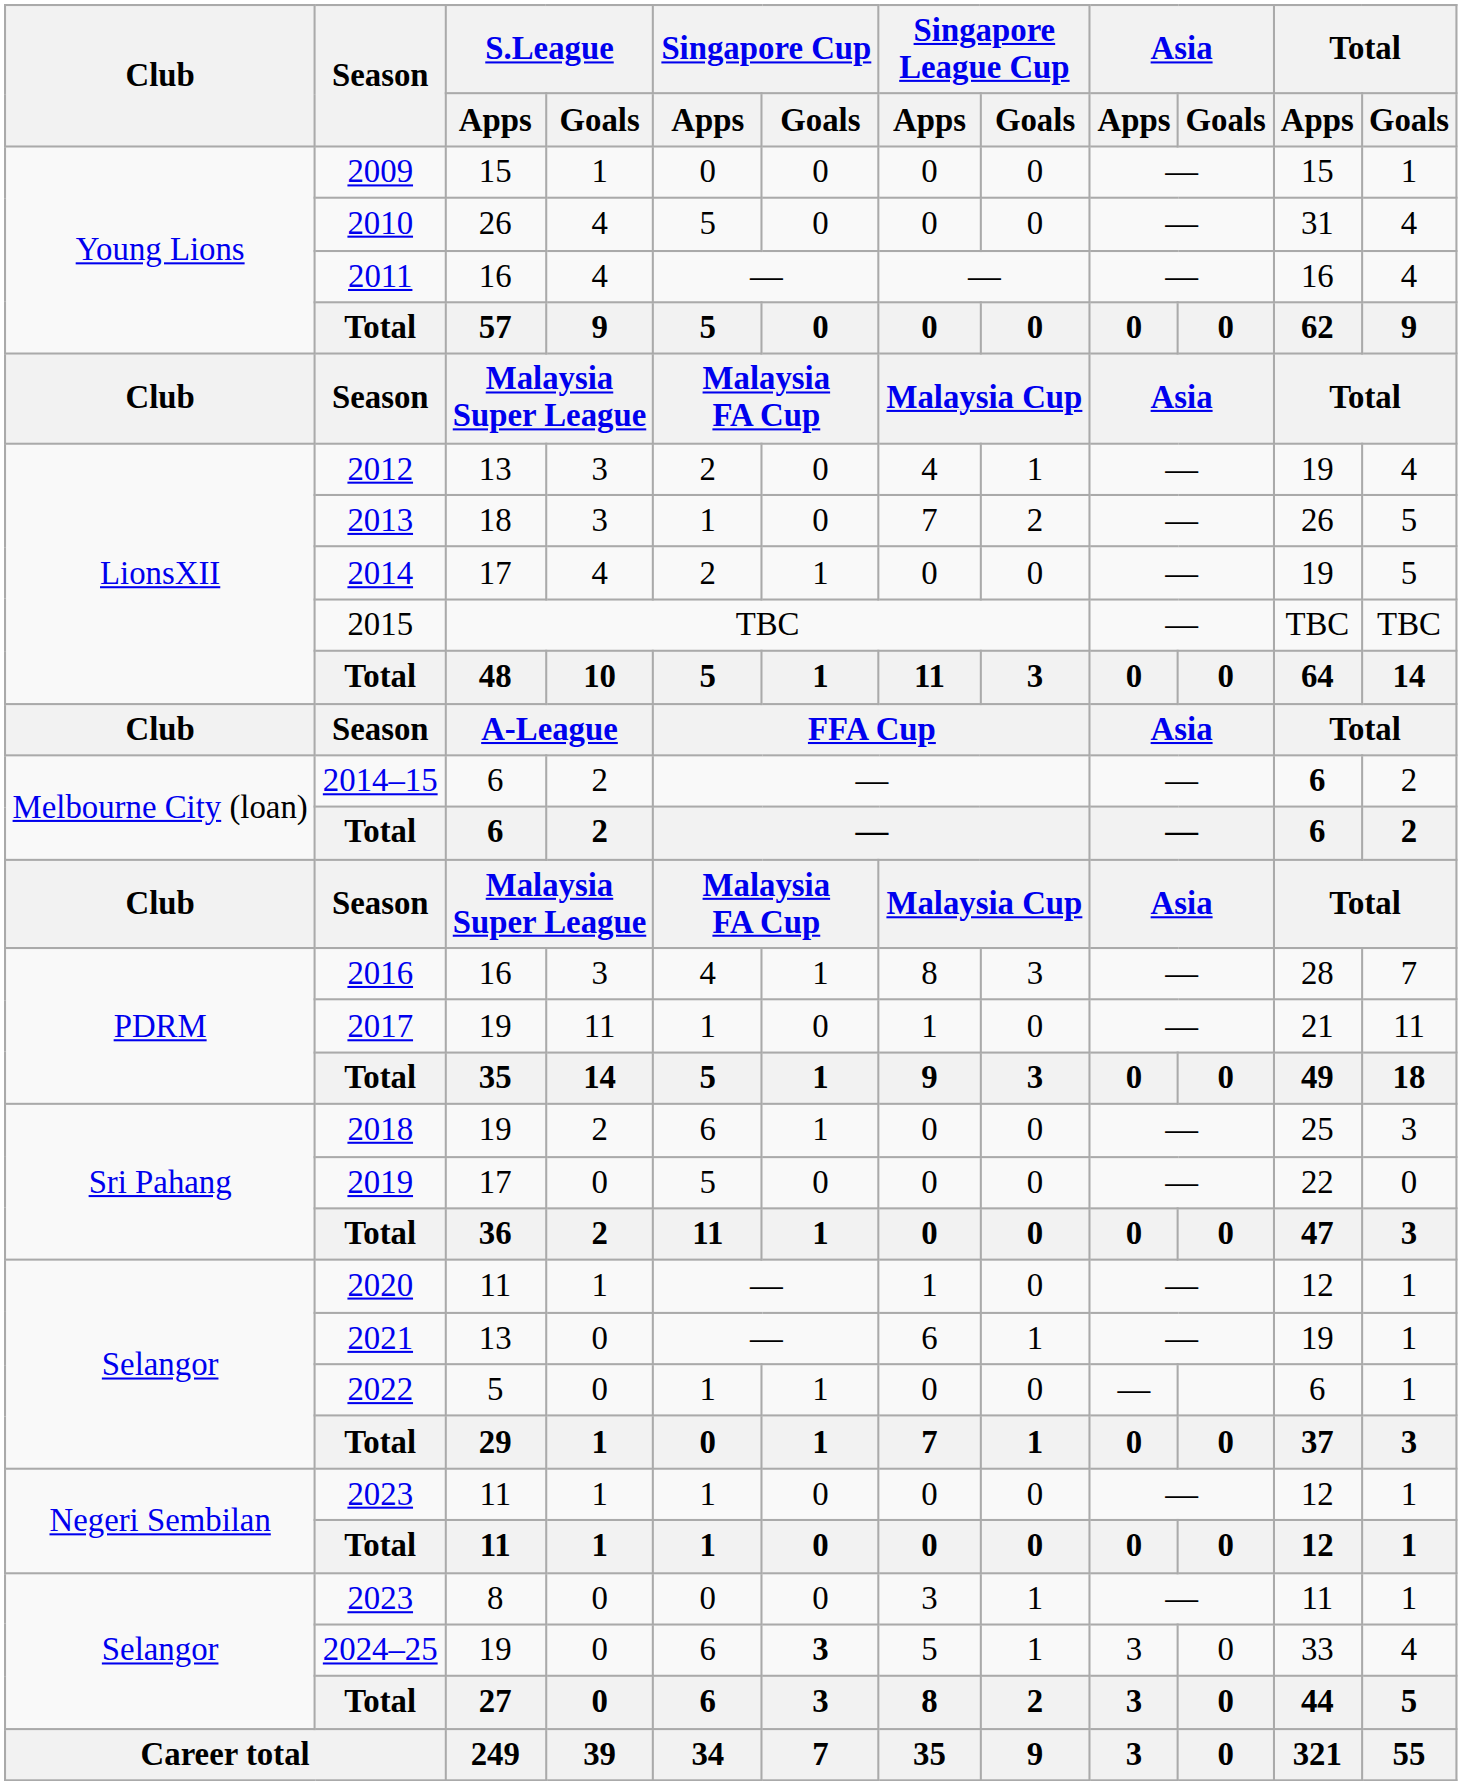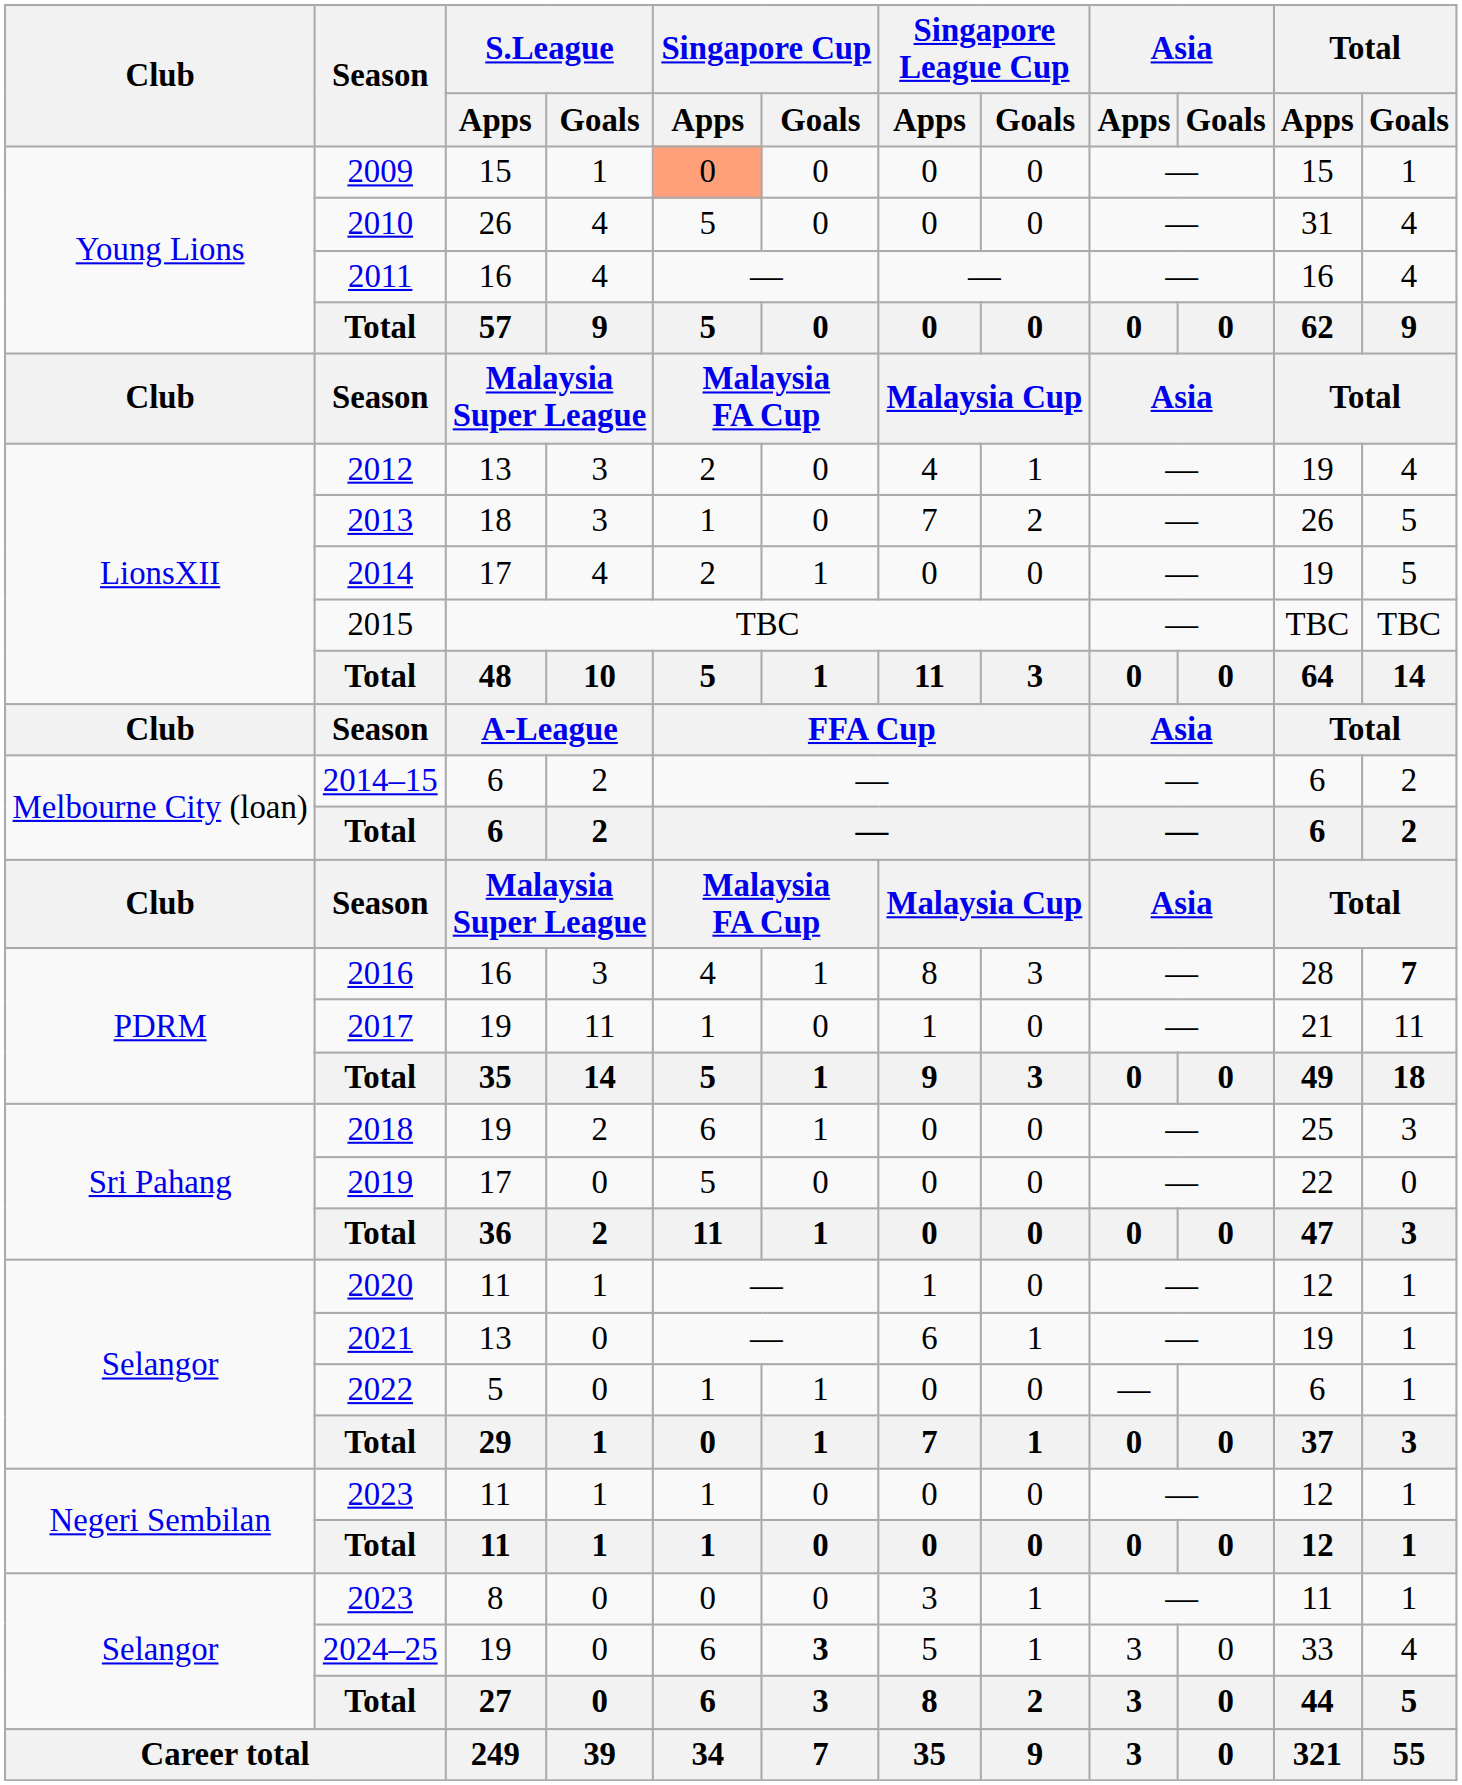 <table class="wikitable" style="text-align:center">
 <tr>
 <th rowspan="2">Club</th>
 <th rowspan="2">Season</th>
 <th colspan="2"><a href='#'>S.League</a></th>
 <th colspan="2"><a href='#'>Singapore Cup</a></th>
 <th colspan="2"><a href='#'>Singapore<br>League Cup</a></th>
 <th colspan="2"><a href='#'>Asia</a></th>
 <th colspan="2">Total</th>
 </tr>
 <tr>
 <th>Apps</th>
 <th>Goals</th>
 <th>Apps</th>
 <th>Goals</th>
 <th>Apps</th>
 <th>Goals</th>
 <th>Apps</th>
 <th>Goals</th>
 <th>Apps</th>
 <th>Goals</th>
 </tr>
 <tr>
 <td rowspan="4"><a href='#'>Young Lions</a></td>
 <td><a href='#'>2009</a></td>
 <td>15</td>
 <td>1</td>
-<td>0</td>
+<td style="background: lightsalmon;">0</td>
 <td>0</td>
 <td>0</td>
 <td>0</td>
 <td colspan='2'>—</td>
 <td>15</td>
 <td>1</td>
 </tr>
 <tr>
 <td><a href='#'>2010</a></td>
 <td>26</td>
 <td>4</td>
 <td>5</td>
 <td>0</td>
 <td>0</td>
 <td>0</td>
 <td colspan='2'>—</td>
 <td>31</td>
 <td>4</td>
 </tr>
 <tr>
 <td><a href='#'>2011</a></td>
 <td>16</td>
 <td>4</td>
 <td colspan='2'>—</td>
 <td colspan='2'>—</td>
 <td colspan='2'>—</td>
 <td>16</td>
 <td>4</td>
 </tr>
 <tr>
 <th>Total</th>
 <th>57</th>
 <th>9</th>
 <th>5</th>
 <th>0</th>
 <th>0</th>
 <th>0</th>
 <th>0</th>
 <th>0</th>
 <th>62</th>
 <th>9</th>
 </tr>
 <tr>
 <th>Club</th>
 <th>Season</th>
 <th colspan="2"><a href='#'>Malaysia<br>Super League</a></th>
 <th colspan="2"><a href='#'>Malaysia<br>FA Cup</a></th>
 <th colspan="2"><a href='#'>Malaysia Cup</a></th>
 <th colspan="2"><a href='#'>Asia</a></th>
 <th colspan="2">Total</th>
 </tr>
 <tr>
 <td rowspan="5"><a href='#'>LionsXII</a></td>
 <td><a href='#'>2012</a></td>
 <td>13</td>
 <td>3</td>
 <td>2</td>
 <td>0</td>
 <td>4</td>
 <td>1</td>
 <td colspan='2'>—</td>
 <td>19</td>
 <td>4</td>
 </tr>
 <tr>
 <td><a href='#'>2013</a></td>
 <td>18</td>
 <td>3</td>
 <td>1</td>
 <td>0</td>
 <td>7</td>
 <td>2</td>
 <td colspan='2'>—</td>
 <td>26</td>
 <td>5</td>
 </tr>
 <tr>
 <td><a href='#'>2014</a></td>
 <td>17</td>
 <td>4</td>
 <td>2</td>
 <td>1</td>
 <td>0</td>
 <td>0</td>
 <td colspan='2'>—</td>
 <td>19</td>
 <td>5</td>
 </tr>
 <tr>
 <td>2015</td>
 <td colspan="6">TBC</td>
 <td colspan="2">—</td>
 <td>TBC</td>
 <td>TBC</td>
 </tr>
 <tr>
 <th>Total</th>
 <th>48</th>
 <th>10</th>
 <th>5</th>
 <th>1</th>
 <th>11</th>
 <th>3</th>
 <th>0</th>
 <th>0</th>
 <th>64</th>
 <th>14</th>
 </tr>
 <tr>
 <th>Club</th>
 <th>Season</th>
 <th colspan="2"><a href='#'>A-League</a></th>
 <th colspan="4"><a href='#'>FFA Cup</a></th>
 <th colspan="2"><a href='#'>Asia</a></th>
 <th colspan="2">Total</th>
 </tr>
 <tr>
 <td rowspan="2"><a href='#'>Melbourne City</a> (loan)</td>
 <td><a href='#'>2014–15</a></td>
 <td>6</td>
 <td>2</td>
 <td colspan="4">—</td>
 <td colspan='2'>—</td>
-<td><strong>6</strong></td>
+<td>6</td>
 <td>2</td>
 </tr>
 <tr>
 <th>Total</th>
 <th>6</th>
 <th>2</th>
 <th colspan="4">—</th>
 <th colspan="2">—</th>
 <th>6</th>
 <th>2</th>
 </tr>
 <tr>
 <th>Club</th>
 <th>Season</th>
 <th colspan="2"><a href='#'>Malaysia<br>Super League</a></th>
 <th colspan="2"><a href='#'>Malaysia<br>FA Cup</a></th>
 <th colspan="2"><a href='#'>Malaysia Cup</a></th>
 <th colspan="2"><a href='#'>Asia</a></th>
 <th colspan="2">Total</th>
 </tr>
 <tr>
 <td rowspan="3"><a href='#'>PDRM</a></td>
 <td><a href='#'>2016</a></td>
 <td>16</td>
 <td>3</td>
 <td>4</td>
 <td>1</td>
 <td>8</td>
 <td>3</td>
 <td colspan="2">—</td>
 <td>28</td>
-<td>7</td>
+<td><strong>7</strong></td>
 </tr>
 <tr>
 <td><a href='#'>2017</a></td>
 <td>19</td>
 <td>11</td>
 <td>1</td>
 <td>0</td>
 <td>1</td>
 <td>0</td>
 <td colspan="2">—</td>
 <td>21</td>
 <td>11</td>
 </tr>
 <tr>
 <th>Total</th>
 <th>35</th>
 <th>14</th>
 <th>5</th>
 <th>1</th>
 <th>9</th>
 <th>3</th>
 <th>0</th>
 <th>0</th>
 <th>49</th>
 <th>18</th>
 </tr>
 <tr>
 <td rowspan="3"><a href='#'>Sri Pahang</a></td>
 <td><a href='#'>2018</a></td>
 <td>19</td>
 <td>2</td>
 <td>6</td>
 <td>1</td>
 <td>0</td>
 <td>0</td>
 <td colspan="2">—</td>
 <td>25</td>
 <td>3</td>
 </tr>
 <tr>
 <td><a href='#'>2019</a></td>
 <td>17</td>
 <td>0</td>
 <td>5</td>
 <td>0</td>
 <td>0</td>
 <td>0</td>
 <td colspan="2">—</td>
 <td>22</td>
 <td>0</td>
 </tr>
 <tr>
 <th>Total</th>
 <th>36</th>
 <th>2</th>
 <th>11</th>
 <th>1</th>
 <th>0</th>
 <th>0</th>
 <th>0</th>
 <th>0</th>
 <th>47</th>
 <th>3</th>
 </tr>
 <tr>
 <td rowspan="4"><a href='#'>Selangor</a></td>
 <td><a href='#'>2020</a></td>
 <td>11</td>
 <td>1</td>
 <td colspan="2">—</td>
 <td>1</td>
 <td>0</td>
 <td colspan="2">—</td>
 <td>12</td>
 <td>1</td>
 </tr>
 <tr>
 <td><a href='#'>2021</a></td>
 <td>13</td>
 <td>0</td>
 <td colspan="2">—</td>
 <td>6</td>
 <td>1</td>
 <td colspan="2">—</td>
 <td>19</td>
 <td>1</td>
 </tr>
 <tr>
 <td><a href='#'>2022</a></td>
 <td>5</td>
 <td>0</td>
 <td>1</td>
 <td>1</td>
 <td>0</td>
 <td>0</td>
 <td>—</td>
 <td></td>
 <td>6</td>
 <td>1</td>
 </tr>
 <tr>
 <th>Total</th>
 <th>29</th>
 <th>1</th>
 <th>0</th>
 <th>1</th>
 <th>7</th>
 <th>1</th>
 <th>0</th>
 <th>0</th>
 <th>37</th>
 <th>3</th>
 </tr>
 <tr>
 <td rowspan="2"><a href='#'>Negeri Sembilan</a></td>
 <td><a href='#'>2023</a></td>
 <td>11</td>
 <td>1</td>
 <td>1</td>
 <td>0</td>
 <td>0</td>
 <td>0</td>
 <td colspan="2">—</td>
 <td>12</td>
 <td>1</td>
 </tr>
 <tr>
 <th>Total</th>
 <th>11</th>
 <th>1</th>
 <th>1</th>
 <th>0</th>
 <th>0</th>
 <th>0</th>
 <th>0</th>
 <th>0</th>
 <th>12</th>
 <th>1</th>
 </tr>
 <tr>
 <td rowspan="3"><a href='#'>Selangor</a></td>
 <td><a href='#'>2023</a></td>
 <td>8</td>
 <td>0</td>
 <td>0</td>
 <td>0</td>
 <td>3</td>
 <td>1</td>
 <td colspan="2">—</td>
 <td>11</td>
 <td>1</td>
 </tr>
 <tr>
 <td><a href='#'>2024–25</a></td>
 <td>19</td>
 <td>0</td>
 <td>6</td>
 <td><strong>3</strong></td>
 <td>5</td>
 <td>1</td>
 <td>3</td>
 <td>0</td>
 <td>33</td>
 <td>4</td>
 </tr>
 <tr>
 <th>Total</th>
 <th>27</th>
 <th>0</th>
 <th>6</th>
 <th>3</th>
 <th>8</th>
 <th>2</th>
 <th>3</th>
 <th>0</th>
 <th>44</th>
 <th>5</th>
 </tr>
 <tr>
 <th colspan="2">Career total</th>
 <th>249</th>
 <th>39</th>
 <th>34</th>
 <th>7</th>
 <th>35</th>
 <th>9</th>
 <th>3</th>
 <th>0</th>
 <th>321</th>
 <th>55</th>
 </tr>
 </table>
